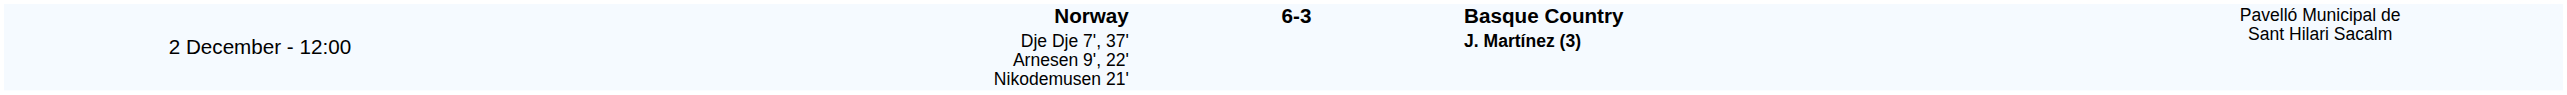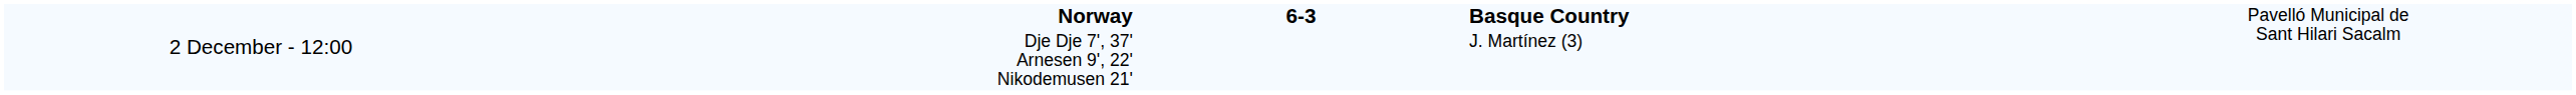 <table style="width: 100%; background:#F5FAFF;" cellspacing="0">
 <tr>
 <td align=center rowspan=3 width=20%>2 December - 12:00</td>
 </tr>
 <tr>
 <td width=24% align=right><strong>Norway</strong> </td>
 <td align=center width=13%><strong>6-3</strong></td>
 <td width=24%> <strong>Basque Country</strong></td>
 <td style=font-size:85% rowspan=3 valign=top align=center>Pavelló Municipal de <br>Sant Hilari Sacalm</td>
 </tr>
 <tr style=font-size:85%>
 <td align=right valign=top>Dje Dje 7', 37'<br>Arnesen 9', 22'<br>Nikodemusen 21'</td>
 <td></td>
-<td valign=top><strong>J. Martínez (3)</strong></td>
+<td valign=top>J. Martínez (3)</td>
 </tr>
 </table>
